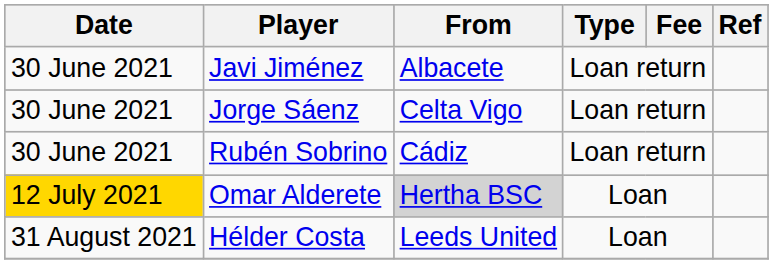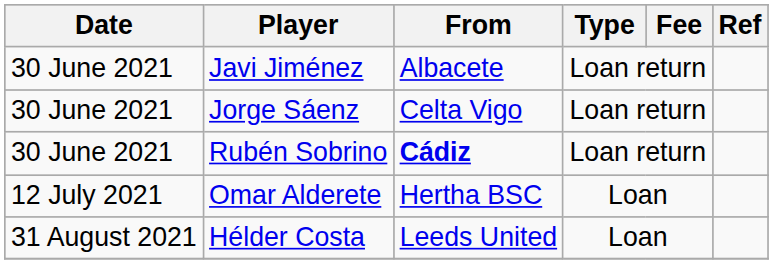 <table class="wikitable">
 <tr>
 <th>Date</th>
 <th>Player</th>
 <th>From</th>
 <th>Type</th>
 <th>Fee</th>
 <th>Ref</th>
 </tr>
 <tr>
 <td>30 June 2021</td>
 <td> <a href='#'>Javi Jiménez</a></td>
 <td><a href='#'>Albacete</a></td>
 <td align=center colspan=2>Loan return</td>
 <td align=center></td>
 </tr>
 <tr>
 <td>30 June 2021</td>
 <td> <a href='#'>Jorge Sáenz</a></td>
 <td><a href='#'>Celta Vigo</a></td>
 <td align=center colspan=2>Loan return</td>
 <td align=center></td>
 </tr>
 <tr>
 <td>30 June 2021</td>
 <td> <a href='#'>Rubén Sobrino</a></td>
-<td><a href='#'>Cádiz</a></td>
+<td><strong><a href='#'>Cádiz</a></strong></td>
 <td align=center colspan=2>Loan return</td>
 <td align=center></td>
 </tr>
 <tr>
-<td style="background: gold;">12 July 2021</td>
+<td>12 July 2021</td>
 <td> <a href='#'>Omar Alderete</a></td>
-<td style="background: lightgrey;"> <a href='#'>Hertha BSC</a></td>
+<td> <a href='#'>Hertha BSC</a></td>
 <td align=center colspan=2>Loan</td>
 <td align=center></td>
 </tr>
 <tr>
 <td>31 August 2021</td>
 <td> <a href='#'>Hélder Costa</a></td>
 <td> <a href='#'>Leeds United</a></td>
 <td align=center colspan=2>Loan</td>
 <td align=center></td>
 </tr>
 <tr>
 </tr>
 </table>
